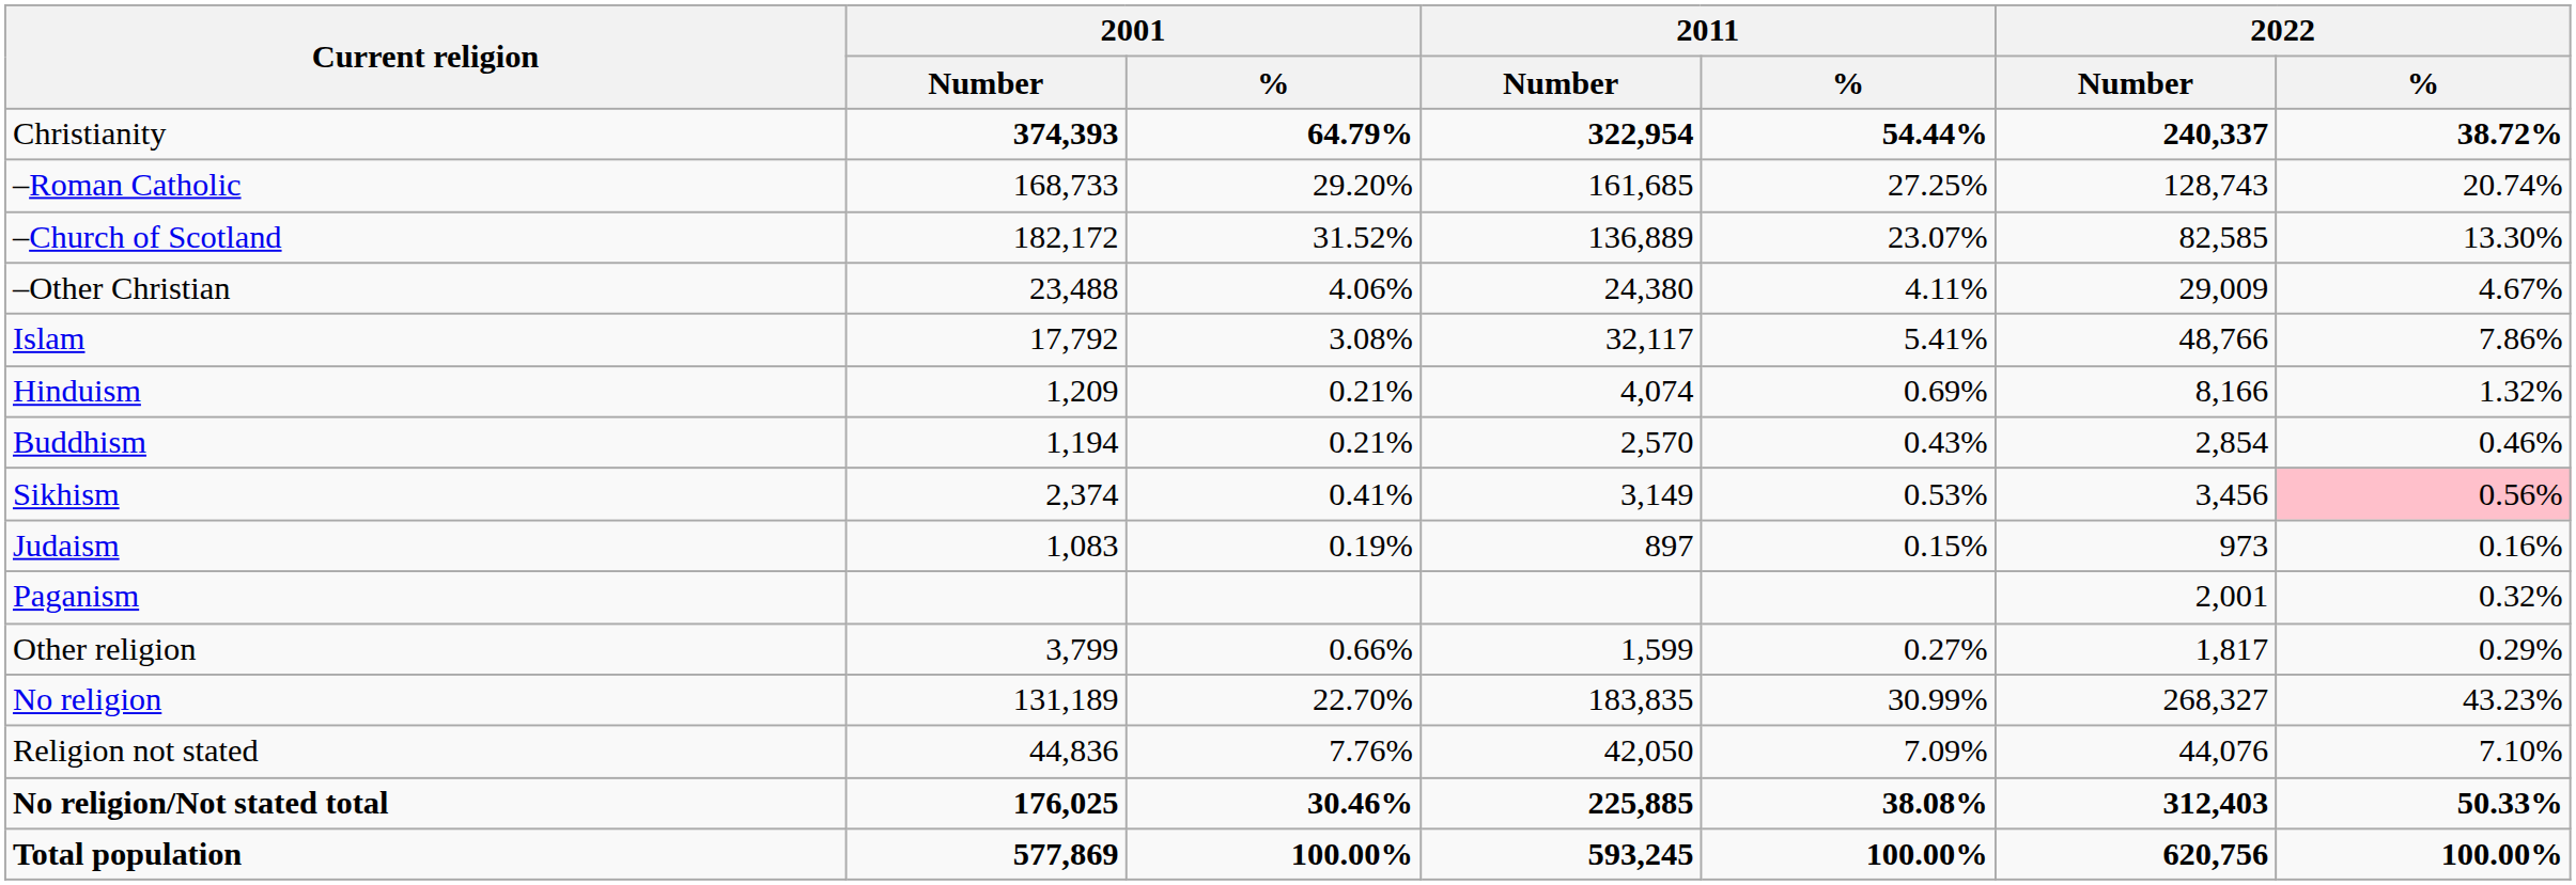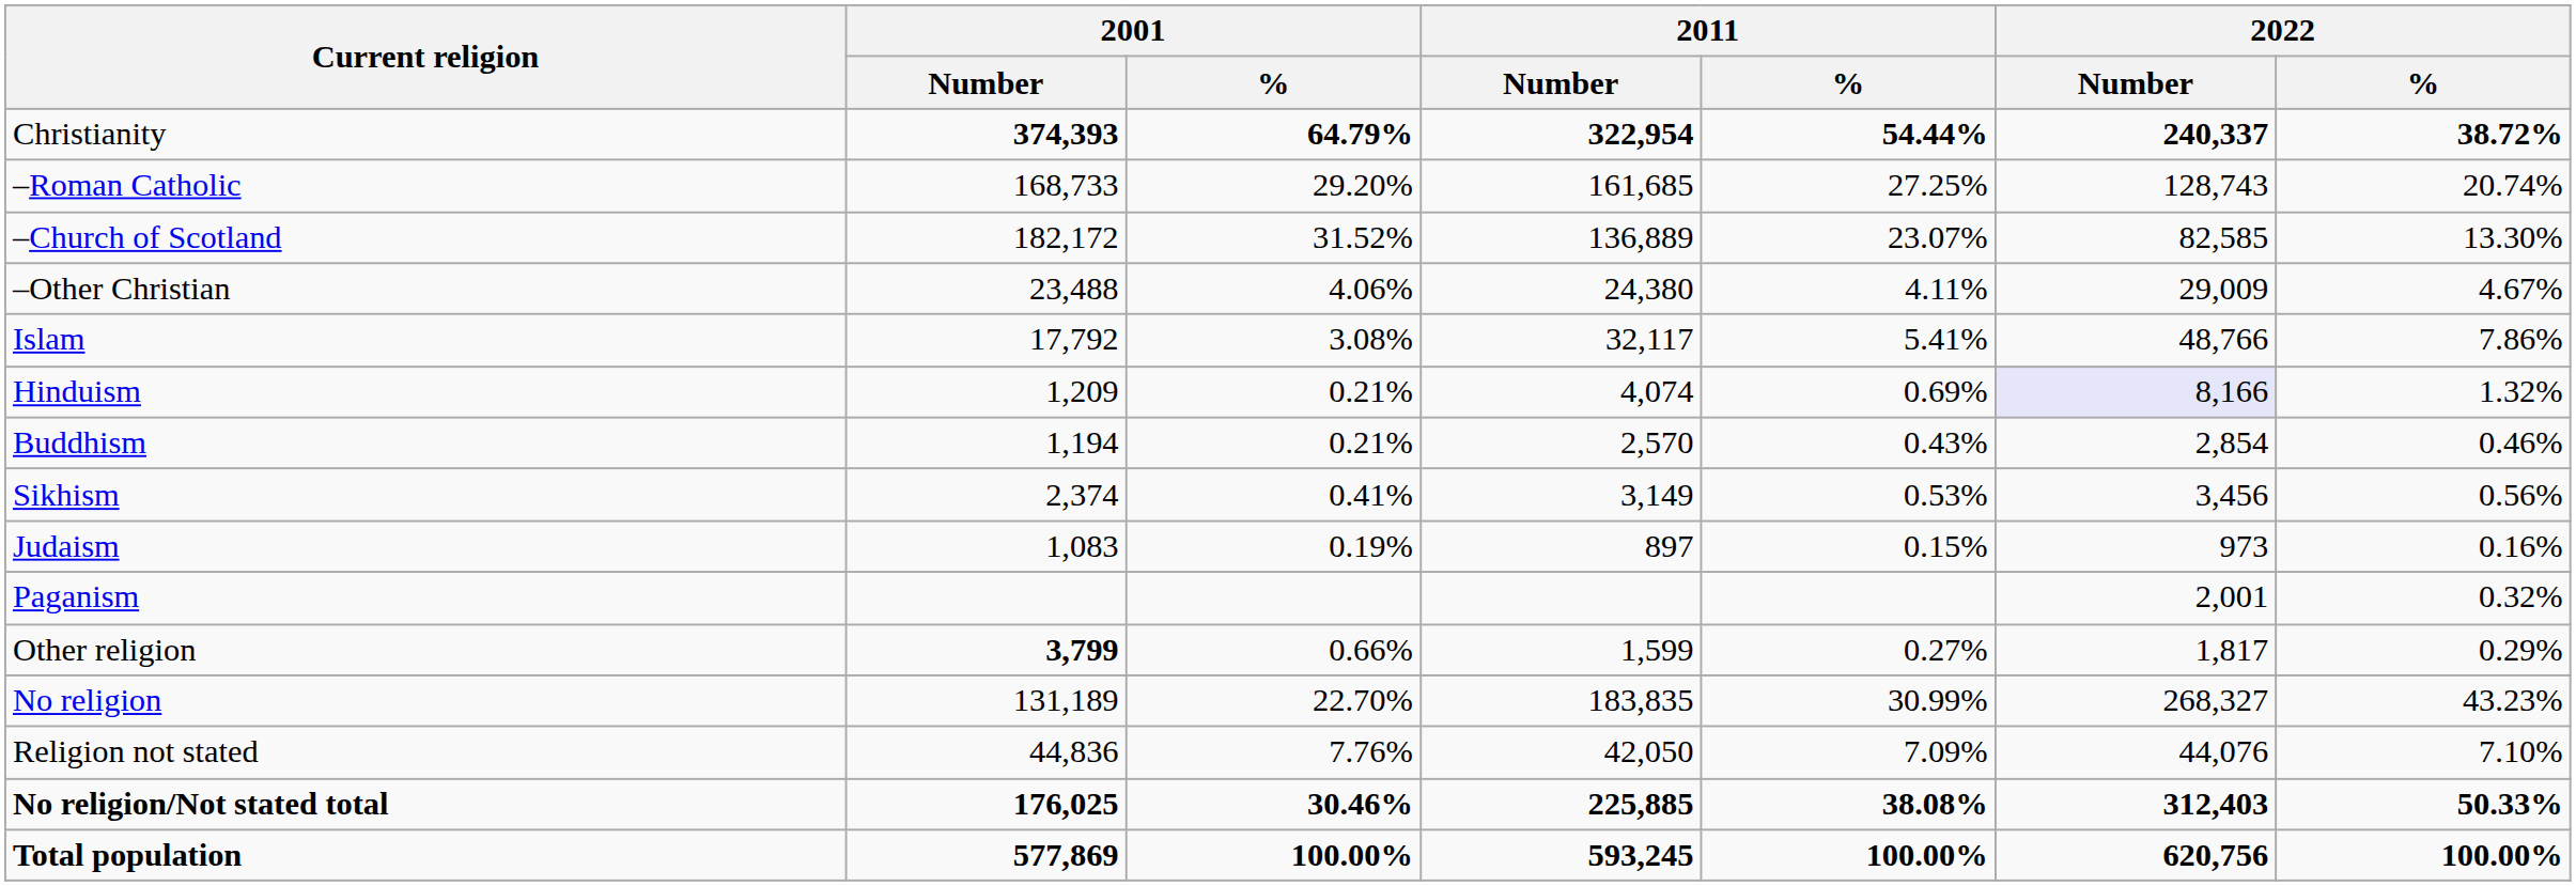 <table class="wikitable collapsible collapsed" width="100%">
 <tr>
 <th rowspan="2">Current religion</th>
 <th colspan="2">2001</th>
 <th colspan="2">2011</th>
 <th colspan="2">2022</th>
 </tr>
 <tr>
 <th>Number</th>
 <th>%</th>
 <th>Number</th>
 <th>%</th>
 <th>Number</th>
 <th>%</th>
 </tr>
 <tr>
 <td>Christianity</td>
 <td align=right><strong>374,393</strong></td>
 <td align=right><strong>64.79%</strong></td>
 <td align=right><strong>322,954</strong></td>
 <td align=right><strong>54.44%</strong></td>
 <td align=right><strong>240,337</strong></td>
 <td align=right><strong>38.72%</strong></td>
 </tr>
 <tr>
 <td>–<a href='#'>Roman Catholic</a></td>
 <td align=right>168,733</td>
 <td align=right>29.20%</td>
 <td align=right>161,685</td>
 <td align=right>27.25%</td>
 <td align=right>128,743</td>
 <td align=right>20.74%</td>
 </tr>
 <tr>
 <td>–<a href='#'>Church of Scotland</a></td>
 <td align=right>182,172</td>
 <td align=right>31.52%</td>
 <td align=right>136,889</td>
 <td align=right>23.07%</td>
 <td align=right>82,585</td>
 <td align=right>13.30%</td>
 </tr>
 <tr>
 <td>–Other Christian</td>
 <td align=right>23,488</td>
 <td align=right>4.06%</td>
 <td align=right>24,380</td>
 <td align=right>4.11%</td>
 <td align=right>29,009</td>
 <td align=right>4.67%</td>
 </tr>
 <tr>
 <td><a href='#'>Islam</a></td>
 <td align=right>17,792</td>
 <td align=right>3.08%</td>
 <td align=right>32,117</td>
 <td align=right>5.41%</td>
 <td align=right>48,766</td>
 <td align=right>7.86%</td>
 </tr>
 <tr>
 <td><a href='#'>Hinduism</a></td>
 <td align=right>1,209</td>
 <td align=right>0.21%</td>
 <td align=right>4,074</td>
 <td align=right>0.69%</td>
-<td align=right>8,166</td>
+<td align=right style="background: lavender;">8,166</td>
 <td align=right>1.32%</td>
 </tr>
 <tr>
 <td><a href='#'>Buddhism</a></td>
 <td align=right>1,194</td>
 <td align=right>0.21%</td>
 <td align=right>2,570</td>
 <td align=right>0.43%</td>
 <td align=right>2,854</td>
 <td align=right>0.46%</td>
 </tr>
 <tr>
 <td><a href='#'>Sikhism</a></td>
 <td align=right>2,374</td>
 <td align=right>0.41%</td>
 <td align=right>3,149</td>
 <td align=right>0.53%</td>
 <td align=right>3,456</td>
-<td align=right style="background: pink;">0.56%</td>
+<td align=right>0.56%</td>
 </tr>
 <tr>
 <td><a href='#'>Judaism</a></td>
 <td align=right>1,083</td>
 <td align=right>0.19%</td>
 <td align=right>897</td>
 <td align=right>0.15%</td>
 <td align=right>973</td>
 <td align=right>0.16%</td>
 </tr>
 <tr>
 <td><a href='#'>Paganism</a></td>
 <td></td>
 <td></td>
 <td></td>
 <td></td>
 <td align=right>2,001</td>
 <td align=right>0.32%</td>
 </tr>
 <tr>
 <td>Other religion</td>
-<td align=right>3,799</td>
+<td align=right><strong>3,799</strong></td>
 <td align=right>0.66%</td>
 <td align=right>1,599</td>
 <td align=right>0.27%</td>
 <td align=right>1,817</td>
 <td align=right>0.29%</td>
 </tr>
 <tr>
 <td><a href='#'>No religion</a></td>
 <td align=right>131,189</td>
 <td align=right>22.70%</td>
 <td align=right>183,835</td>
 <td align=right>30.99%</td>
 <td align=right>268,327</td>
 <td align=right>43.23%</td>
 </tr>
 <tr>
 <td>Religion not stated</td>
 <td align=right>44,836</td>
 <td align=right>7.76%</td>
 <td align=right>42,050</td>
 <td align=right>7.09%</td>
 <td align=right>44,076</td>
 <td align=right>7.10%</td>
 </tr>
 <tr>
 <td><strong>No religion/Not stated total</strong></td>
 <td align=right><strong>176,025</strong></td>
 <td align=right><strong>30.46%</strong></td>
 <td align=right><strong>225,885</strong></td>
 <td align=right><strong>38.08%</strong></td>
 <td align=right><strong>312,403</strong></td>
 <td align=right><strong>50.33%</strong></td>
 </tr>
 <tr>
 <td><strong>Total population</strong></td>
 <td align=right><strong>577,869</strong></td>
 <td align=right><strong>100.00%</strong></td>
 <td align=right><strong>593,245</strong></td>
 <td align=right><strong>100.00%</strong></td>
 <td align=right><strong>620,756</strong></td>
 <td align=right><strong>100.00%</strong></td>
 </tr>
 </table>
